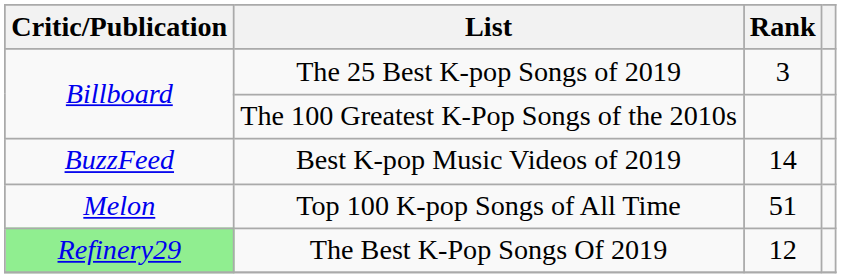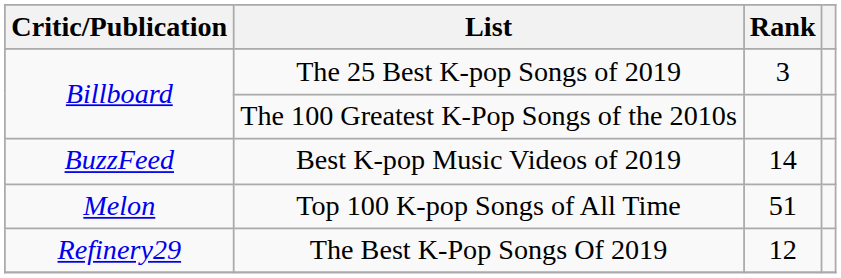 <table class="sortable wikitable">
 <tr>
 <th>Critic/Publication</th>
 <th>List</th>
 <th>Rank</th>
 <th class=unsortable></th>
 </tr>
 <tr>
 <td rowspan="2" align="center"><em><a href='#'>Billboard</a></em></td>
 <td align="center">The 25 Best K-pop Songs of 2019</td>
 <td align="center">3</td>
 <td align="center"></td>
 </tr>
 <tr>
 <td>The 100 Greatest K-Pop Songs of the 2010s</td>
 <td></td>
 <td></td>
 </tr>
 <tr>
 <td align="center"><em><a href='#'>BuzzFeed</a></em></td>
 <td align="center">Best K-pop Music Videos of 2019</td>
 <td align="center">14</td>
 <td align="center"></td>
 </tr>
 <tr>
 <td align="center"><em><a href='#'>Melon</a></em></td>
 <td align="center">Top 100 K-pop Songs of All Time</td>
 <td align="center">51</td>
 <td align="center"></td>
 </tr>
 <tr>
-<td align="center" style="background: lightgreen;"><em><a href='#'>Refinery29</a></em></td>
+<td align="center"><em><a href='#'>Refinery29</a></em></td>
 <td align="center">The Best K-Pop Songs Of 2019</td>
 <td align="center">12</td>
 <td align="center"></td>
 </tr>
 <tr>
 </tr>
 </table>
